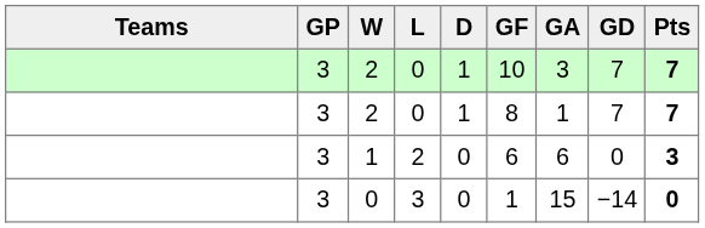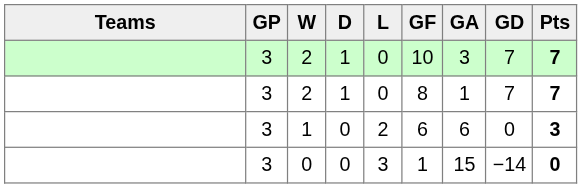 <table style=border-collapse:collapse border=1 cellspacing=0 cellpadding=5>
 <tr align=center bgcolor=#efefef>
 <th width=185>Teams</th>
 <th width=20>GP</th>
 <th width=20>W</th>
+<th width=20>D</th>
 <th width=20>L</th>
-<th width=20>D</th>
 <th width=20>GF</th>
 <th width=20>GA</th>
 <th width=20>GD</th>
 <th width=20>Pts</th>
 </tr>
 <tr align=center style="background:#ccffcc;">
 <td style="text-align:left;"></td>
 <td>3</td>
 <td>2</td>
+<td>1</td>
 <td>0</td>
-<td>1</td>
 <td>10</td>
 <td>3</td>
 <td>7</td>
 <td><strong>7</strong></td>
 </tr>
 <tr align=center>
 <td style="text-align:left;"></td>
 <td>3</td>
 <td>2</td>
+<td>1</td>
 <td>0</td>
-<td>1</td>
 <td>8</td>
 <td>1</td>
 <td>7</td>
 <td><strong>7</strong></td>
 </tr>
 <tr align=center>
 <td style="text-align:left;"></td>
 <td>3</td>
 <td>1</td>
+<td>0</td>
 <td>2</td>
-<td>0</td>
 <td>6</td>
 <td>6</td>
 <td>0</td>
 <td><strong>3</strong></td>
 </tr>
 <tr align=center>
 <td style="text-align:left;"></td>
 <td>3</td>
 <td>0</td>
+<td>0</td>
 <td>3</td>
-<td>0</td>
 <td>1</td>
 <td>15</td>
 <td>−14</td>
 <td><strong>0</strong></td>
 </tr>
 </table>
